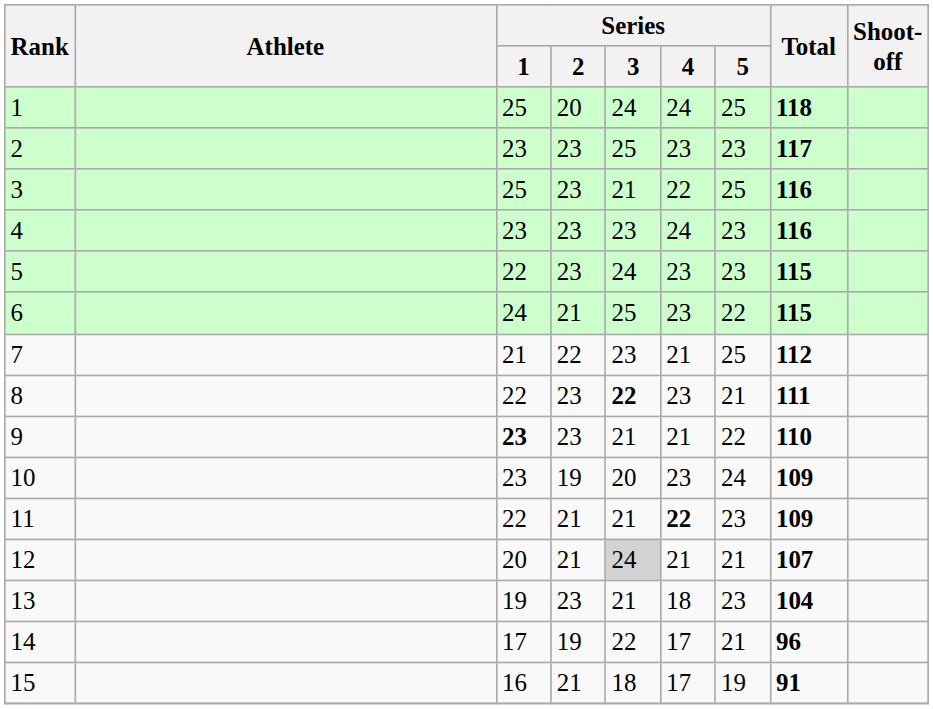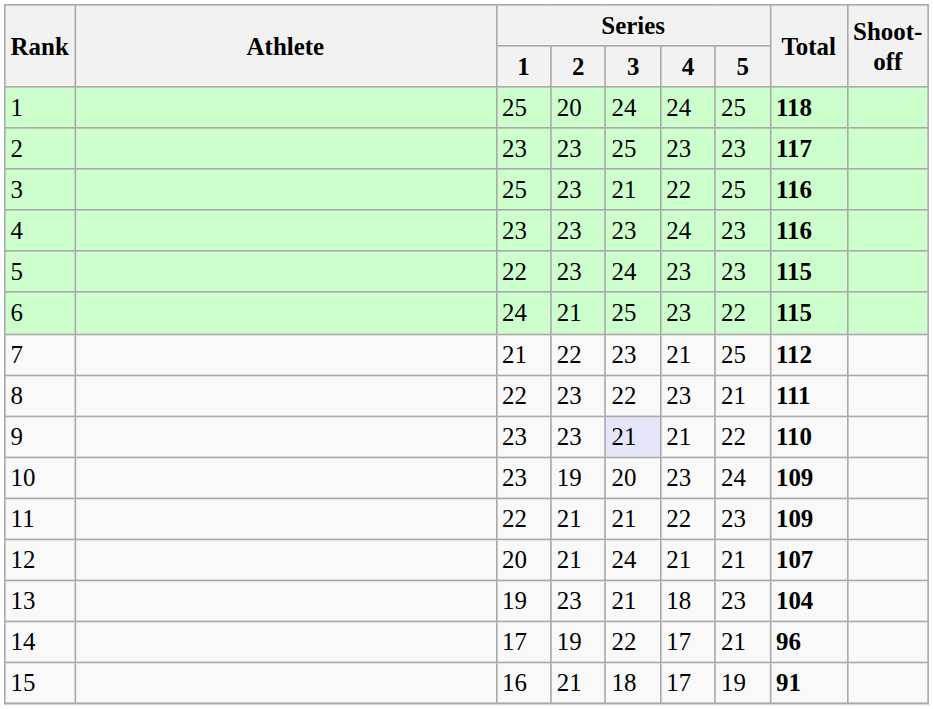 <table class="wikitable" style="font-size:95%" style="width:35em;" style="text-align:center">
 <tr>
 <th rowspan=2>Rank</th>
 <th rowspan=2 width=250>Athlete</th>
 <th colspan=5 width=160>Series</th>
 <th rowspan=2 width=40>Total</th>
 <th rowspan=2 width=40>Shoot-off</th>
 </tr>
 <tr>
 <th>1</th>
 <th>2</th>
 <th>3</th>
 <th>4</th>
 <th>5</th>
 </tr>
 <tr bgcolor=ccffcc>
 <td>1</td>
 <td align=left></td>
 <td>25</td>
 <td>20</td>
 <td>24</td>
 <td>24</td>
 <td>25</td>
 <td><strong>118</strong></td>
 <td></td>
 </tr>
 <tr bgcolor=ccffcc>
 <td>2</td>
 <td align=left></td>
 <td>23</td>
 <td>23</td>
 <td>25</td>
 <td>23</td>
 <td>23</td>
 <td><strong>117</strong></td>
 <td></td>
 </tr>
 <tr bgcolor=ccffcc>
 <td>3</td>
 <td align=left></td>
 <td>25</td>
 <td>23</td>
 <td>21</td>
 <td>22</td>
 <td>25</td>
 <td><strong>116</strong></td>
 <td></td>
 </tr>
 <tr bgcolor=ccffcc>
 <td>4</td>
 <td align=left></td>
 <td>23</td>
 <td>23</td>
 <td>23</td>
 <td>24</td>
 <td>23</td>
 <td><strong>116</strong></td>
 <td></td>
 </tr>
 <tr bgcolor=ccffcc>
 <td>5</td>
 <td align=left></td>
 <td>22</td>
 <td>23</td>
 <td>24</td>
 <td>23</td>
 <td>23</td>
 <td><strong>115</strong></td>
 <td></td>
 </tr>
 <tr bgcolor=ccffcc>
 <td>6</td>
 <td align=left></td>
 <td>24</td>
 <td>21</td>
 <td>25</td>
 <td>23</td>
 <td>22</td>
 <td><strong>115</strong></td>
 <td></td>
 </tr>
 <tr>
 <td>7</td>
 <td align=left></td>
 <td>21</td>
 <td>22</td>
 <td>23</td>
 <td>21</td>
 <td>25</td>
 <td><strong>112</strong></td>
 <td></td>
 </tr>
 <tr>
 <td>8</td>
 <td align=left></td>
 <td>22</td>
 <td>23</td>
-<td><strong>22</strong></td>
+<td>22</td>
 <td>23</td>
 <td>21</td>
 <td><strong>111</strong></td>
 <td></td>
 </tr>
 <tr>
 <td>9</td>
 <td align=left></td>
-<td><strong>23</strong></td>
 <td>23</td>
-<td>21</td>
+<td>23</td>
+<td style="background: lavender;">21</td>
 <td>21</td>
 <td>22</td>
 <td><strong>110</strong></td>
 <td></td>
 </tr>
 <tr>
 <td>10</td>
 <td align=left></td>
 <td>23</td>
 <td>19</td>
 <td>20</td>
 <td>23</td>
 <td>24</td>
 <td><strong>109</strong></td>
 <td></td>
 </tr>
 <tr>
 <td>11</td>
 <td align=left></td>
 <td>22</td>
 <td>21</td>
 <td>21</td>
-<td><strong>22</strong></td>
+<td>22</td>
 <td>23</td>
 <td><strong>109</strong></td>
 <td></td>
 </tr>
 <tr>
 <td>12</td>
 <td align=left></td>
 <td>20</td>
 <td>21</td>
-<td style="background: lightgrey;">24</td>
+<td>24</td>
 <td>21</td>
 <td>21</td>
 <td><strong>107</strong></td>
 <td></td>
 </tr>
 <tr>
 <td>13</td>
 <td align=left></td>
 <td>19</td>
 <td>23</td>
 <td>21</td>
 <td>18</td>
 <td>23</td>
 <td><strong>104</strong></td>
 <td></td>
 </tr>
 <tr>
 <td>14</td>
 <td align=left></td>
 <td>17</td>
 <td>19</td>
 <td>22</td>
 <td>17</td>
 <td>21</td>
 <td><strong>96</strong></td>
 <td></td>
 </tr>
 <tr>
 <td>15</td>
 <td align=left></td>
 <td>16</td>
 <td>21</td>
 <td>18</td>
 <td>17</td>
 <td>19</td>
 <td><strong>91</strong></td>
 <td></td>
 </tr>
 <tr>
 </tr>
 </table>
